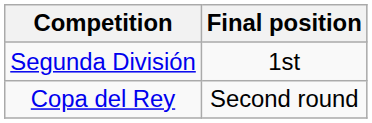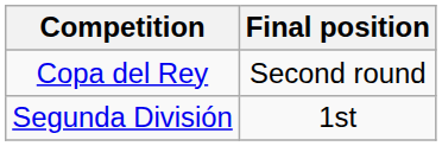 <table class="wikitable" style="font-size:100%; text-align:center">
 <tr>
 <th>Competition</th>
 <th>Final position</th>
 </tr>
 <tr style="background:">
+<td><a href='#'>Copa del Rey</a></td>
+<td>Second round</td>
+</tr>
+<tr style="background:">
 <td><a href='#'>Segunda División</a></td>
 <td>1st</td>
 </tr>
-<tr style="background:">
-<td><a href='#'>Copa del Rey</a></td>
-<td>Second round</td>
-</tr>
 </table>
